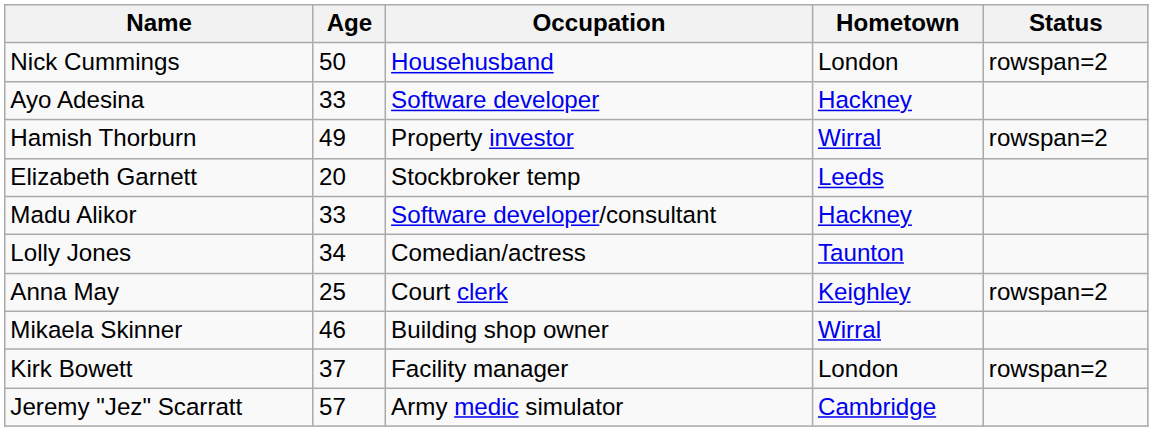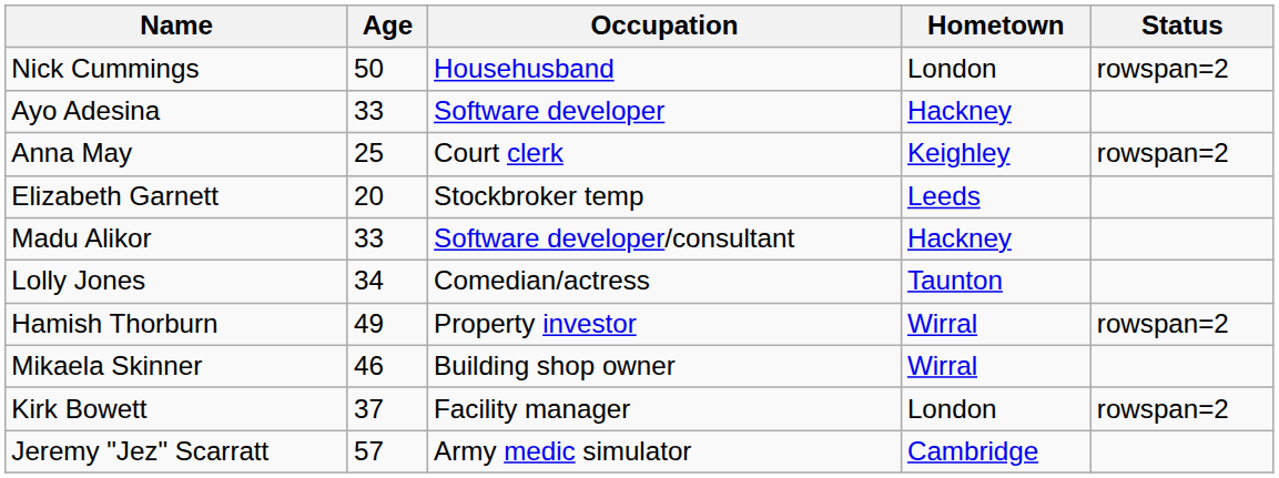 <table class="wikitable sortable" width=60%>
 <tr>
 <th>Name</th>
 <th>Age</th>
 <th>Occupation</th>
 <th>Hometown</th>
 <th>Status</th>
 </tr>
 <tr>
 <td>Nick Cummings</td>
 <td>50</td>
 <td><a href='#'>Househusband</a></td>
 <td>London</td>
 <td>rowspan=2 </td>
 </tr>
 <tr>
 <td>Ayo Adesina</td>
 <td>33</td>
 <td><a href='#'>Software developer</a></td>
 <td><a href='#'>Hackney</a></td>
 </tr>
 <tr>
-<td>Hamish Thorburn</td>
-<td>49</td>
-<td>Property <a href='#'>investor</a></td>
-<td><a href='#'>Wirral</a></td>
+<td>Anna May</td>
+<td>25</td>
+<td>Court <a href='#'>clerk</a></td>
+<td><a href='#'>Keighley</a></td>
 <td>rowspan=2 </td>
 </tr>
 <tr>
 <td>Elizabeth Garnett</td>
 <td>20</td>
 <td>Stockbroker temp</td>
 <td><a href='#'>Leeds</a></td>
 </tr>
 <tr>
 <td>Madu Alikor</td>
 <td>33</td>
 <td><a href='#'>Software developer</a>/consultant</td>
 <td><a href='#'>Hackney</a></td>
 <td></td>
 </tr>
 <tr>
 <td>Lolly Jones</td>
 <td>34</td>
 <td>Comedian/actress</td>
 <td><a href='#'>Taunton</a></td>
 <td></td>
 </tr>
 <tr>
-<td>Anna May</td>
-<td>25</td>
-<td>Court <a href='#'>clerk</a></td>
-<td><a href='#'>Keighley</a></td>
+<td>Hamish Thorburn</td>
+<td>49</td>
+<td>Property <a href='#'>investor</a></td>
+<td><a href='#'>Wirral</a></td>
 <td>rowspan=2 </td>
 </tr>
 <tr>
 <td>Mikaela Skinner</td>
 <td>46</td>
 <td>Building shop owner</td>
 <td><a href='#'>Wirral</a></td>
 </tr>
 <tr>
 <td>Kirk Bowett</td>
 <td>37</td>
 <td>Facility manager</td>
 <td>London</td>
 <td>rowspan=2 </td>
 </tr>
 <tr>
 <td>Jeremy "Jez" Scarratt</td>
 <td>57</td>
 <td>Army <a href='#'>medic</a> simulator</td>
 <td><a href='#'>Cambridge</a></td>
 </tr>
 </table>
